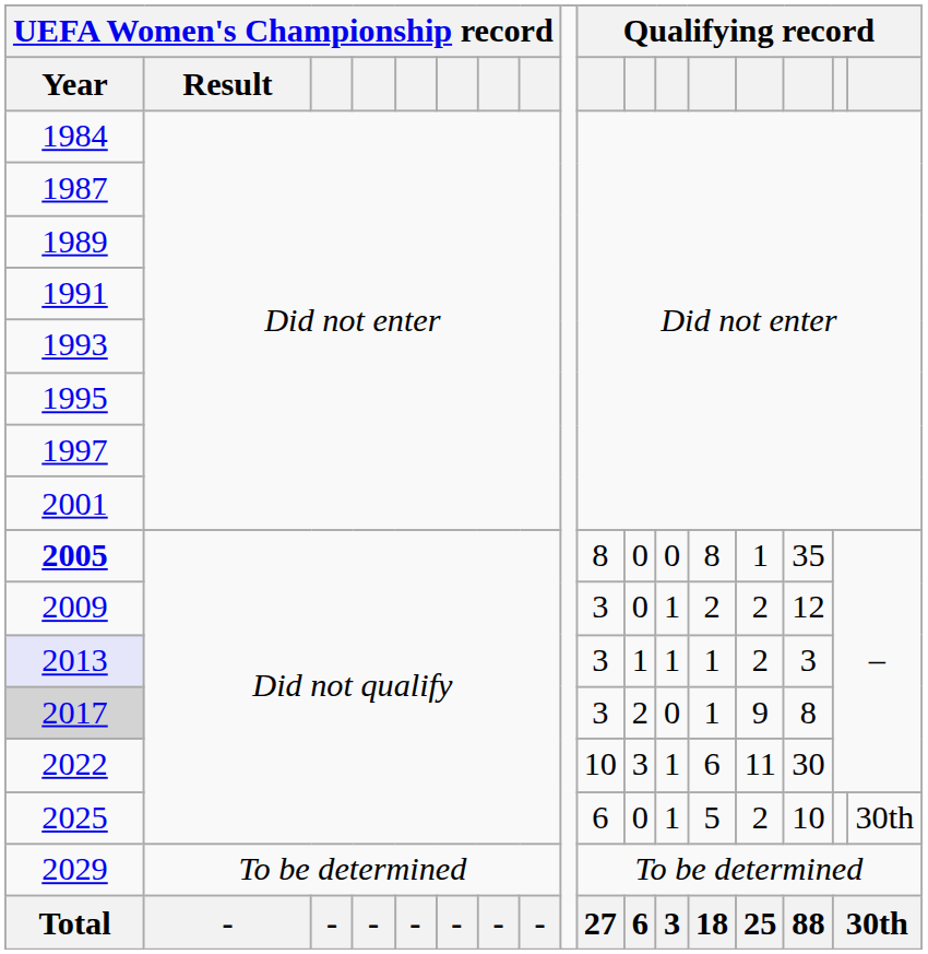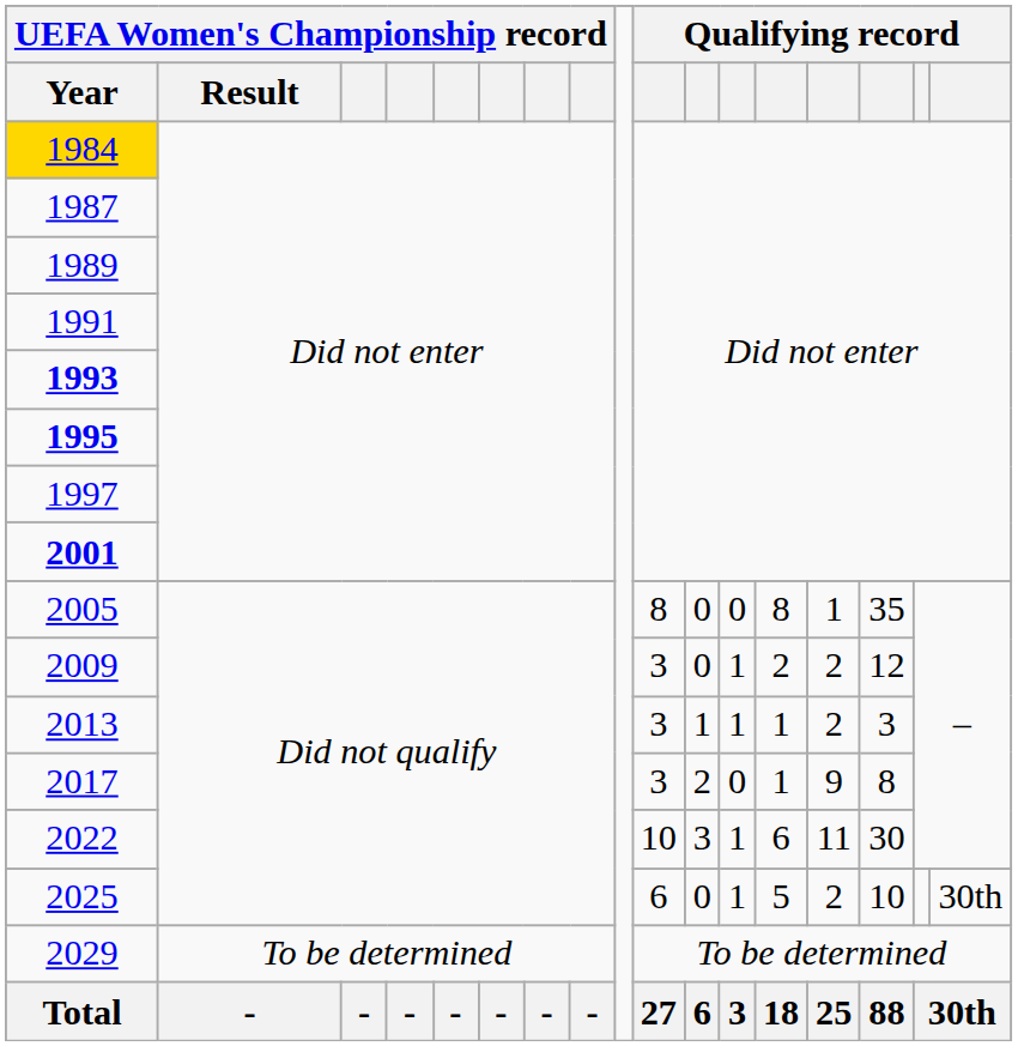 <table class="wikitable" style="text-align: center;">
 <tr>
 <th colspan="8"><a href='#'>UEFA Women's Championship</a> record</th>
 <td rowspan="100"></td>
 <th colspan="8">Qualifying record</th>
 </tr>
 <tr>
 <th>Year</th>
 <th>Result</th>
 <th></th>
 <th></th>
 <th></th>
 <th></th>
 <th></th>
 <th><br></th>
 <th></th>
 <th></th>
 <th></th>
 <th></th>
 <th></th>
 <th></th>
 <th></th>
 <th></th>
 </tr>
 <tr>
-<td> <a href='#'>1984</a></td>
+<td style="background: gold;"> <a href='#'>1984</a></td>
 <td colspan=7 rowspan=8><em>Did not enter</em></td>
 <td colspan=8 rowspan=8><em>Did not enter</em></td>
 </tr>
 <tr>
 <td> <a href='#'>1987</a></td>
 </tr>
 <tr>
 <td> <a href='#'>1989</a></td>
 </tr>
 <tr>
 <td> <a href='#'>1991</a></td>
 </tr>
 <tr>
-<td> <a href='#'>1993</a></td>
+<td><strong> <a href='#'>1993</a></strong></td>
 </tr>
 <tr>
-<td> <a href='#'>1995</a></td>
+<td><strong> <a href='#'>1995</a></strong></td>
 </tr>
 <tr>
 <td> <a href='#'>1997</a></td>
 </tr>
 <tr>
-<td> <a href='#'>2001</a></td>
+<td><strong> <a href='#'>2001</a></strong></td>
 </tr>
 <tr>
-<td><strong> <a href='#'>2005</a></strong></td>
+<td> <a href='#'>2005</a></td>
 <td colspan=7 rowspan=6><em>Did not qualify</em></td>
 <td>8</td>
 <td>0</td>
 <td>0</td>
 <td>8</td>
 <td>1</td>
 <td>35</td>
 <td colspan=2 rowspan=5>–</td>
 </tr>
 <tr>
 <td> <a href='#'>2009</a></td>
 <td>3</td>
 <td>0</td>
 <td>1</td>
 <td>2</td>
 <td>2</td>
 <td>12</td>
 </tr>
 <tr>
-<td style="background: lavender;"> <a href='#'>2013</a></td>
+<td> <a href='#'>2013</a></td>
 <td>3</td>
 <td>1</td>
 <td>1</td>
 <td>1</td>
 <td>2</td>
 <td>3</td>
 </tr>
 <tr>
-<td style="background: lightgrey;"> <a href='#'>2017</a></td>
+<td> <a href='#'>2017</a></td>
 <td>3</td>
 <td>2</td>
 <td>0</td>
 <td>1</td>
 <td>9</td>
 <td>8</td>
 </tr>
 <tr>
 <td> <a href='#'>2022</a></td>
 <td>10</td>
 <td>3</td>
 <td>1</td>
 <td>6</td>
 <td>11</td>
 <td>30</td>
 </tr>
 <tr>
 <td> <a href='#'>2025</a></td>
 <td>6</td>
 <td>0</td>
 <td>1</td>
 <td>5</td>
 <td>2</td>
 <td>10</td>
 <td></td>
 <td>30th</td>
 </tr>
 <tr>
 <td><a href='#'>2029</a></td>
 <td colspan=7><em>To be determined</em></td>
 <td colspan=8><em>To be determined</em></td>
 </tr>
 <tr>
 <th>Total</th>
 <th>-</th>
 <th>-</th>
 <th>-</th>
 <th>-</th>
 <th>-</th>
 <th>-</th>
 <th>-</th>
 <th>27</th>
 <th>6</th>
 <th>3</th>
 <th>18</th>
 <th>25</th>
 <th>88</th>
 <th colspan=2>30th</th>
 </tr>
 </table>
